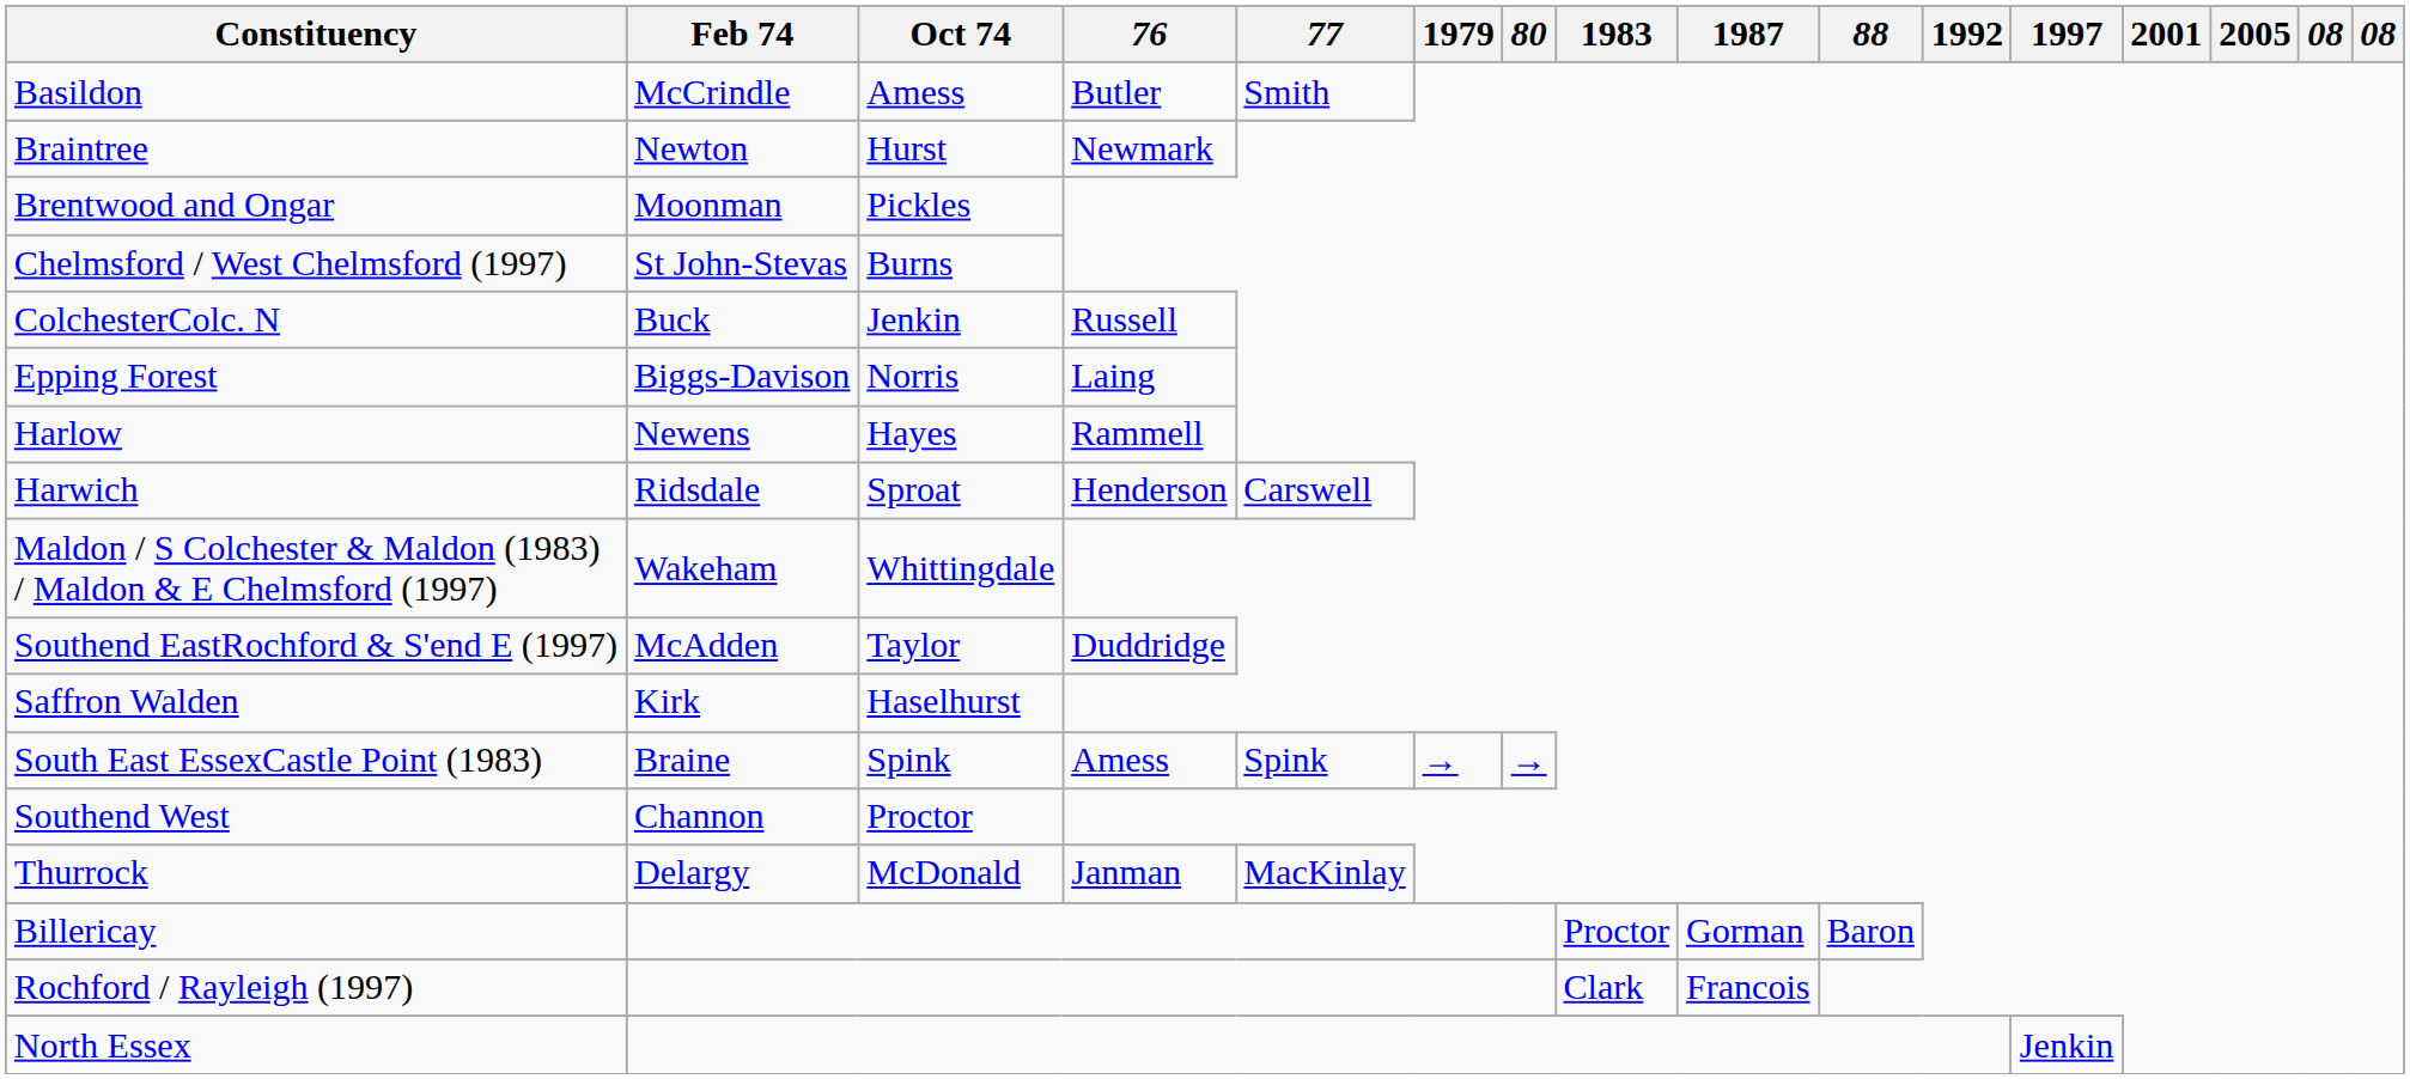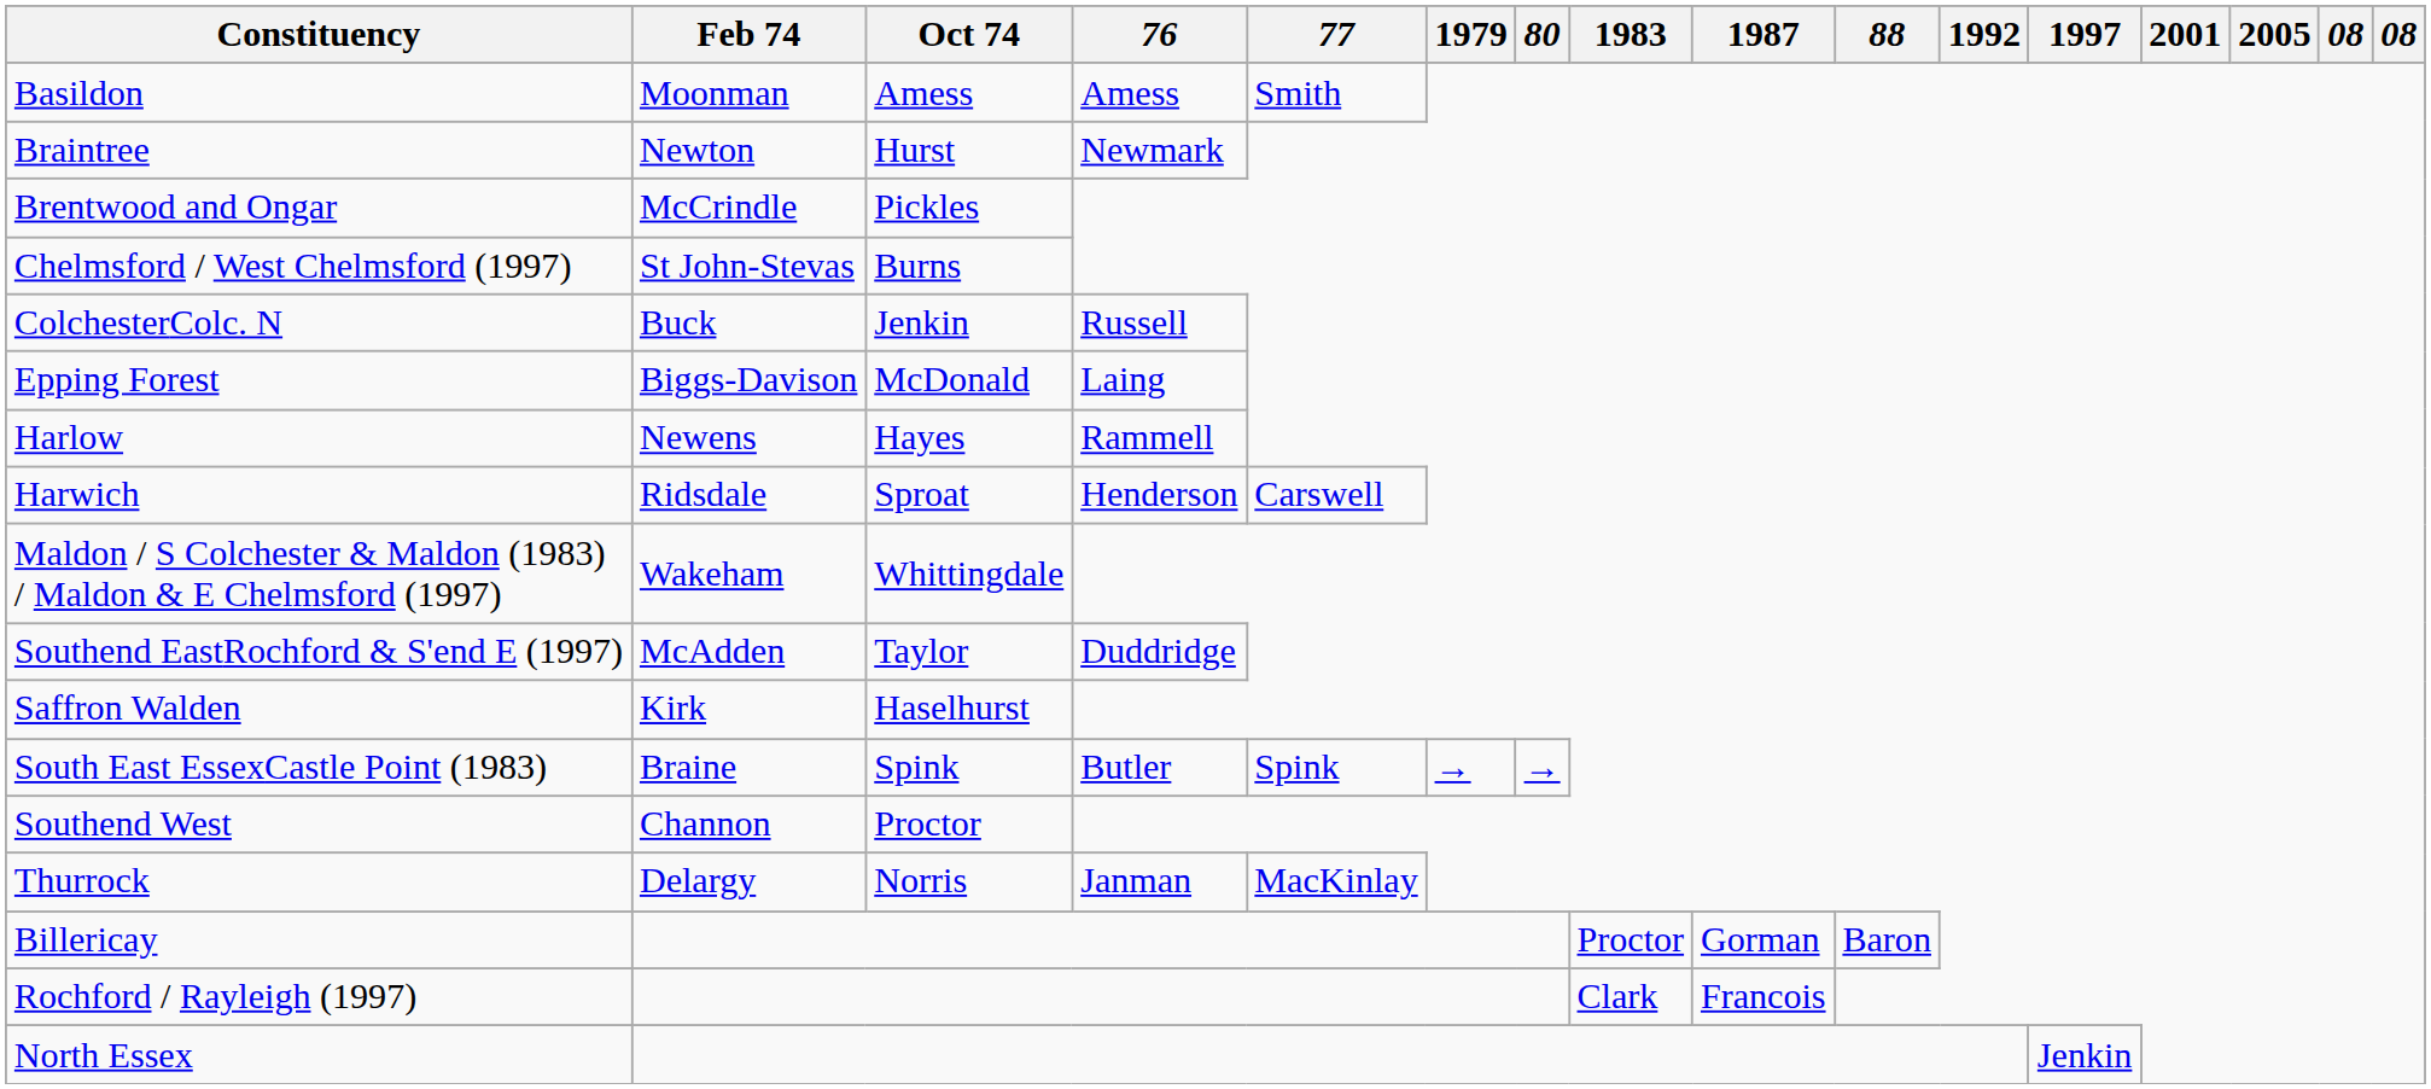 <table class="wikitable">
 <tr>
 <th>Constituency</th>
 <th>Feb 74</th>
 <th>Oct 74</th>
 <th><em>76</em></th>
 <th><em>77</em></th>
 <th>1979</th>
 <th><em>80</em></th>
 <th>1983</th>
 <th>1987</th>
 <th><em>88</em></th>
 <th>1992</th>
 <th>1997</th>
 <th>2001</th>
 <th>2005</th>
 <th><em>08</em></th>
 <th><em>08</em></th>
 </tr>
 <tr>
 <td><a href='#'>Basildon</a></td>
-<td><a href='#'>McCrindle</a></td>
+<td><a href='#'>Moonman</a></td>
 <td><a href='#'>Amess</a></td>
-<td><a href='#'>Butler</a></td>
+<td><a href='#'>Amess</a></td>
 <td><a href='#'>Smith</a></td>
 </tr>
 <tr>
 <td><a href='#'>Braintree</a></td>
 <td><a href='#'>Newton</a></td>
 <td><a href='#'>Hurst</a></td>
 <td><a href='#'>Newmark</a></td>
 </tr>
 <tr>
 <td><a href='#'>Brentwood and Ongar</a></td>
-<td><a href='#'>Moonman</a></td>
+<td><a href='#'>McCrindle</a></td>
 <td><a href='#'>Pickles</a></td>
 </tr>
 <tr>
 <td><a href='#'>Chelmsford</a> / <a href='#'>West Chelmsford</a> (1997)</td>
 <td><a href='#'>St John-Stevas</a></td>
 <td><a href='#'>Burns</a></td>
 </tr>
 <tr>
 <td><a href='#'>Colchester</a><a href='#'>Colc. N</a></td>
 <td><a href='#'>Buck</a></td>
 <td><a href='#'>Jenkin</a></td>
 <td><a href='#'>Russell</a></td>
 </tr>
 <tr>
 <td><a href='#'>Epping Forest</a></td>
 <td><a href='#'>Biggs-Davison</a></td>
-<td><a href='#'>Norris</a></td>
+<td><a href='#'>McDonald</a></td>
 <td><a href='#'>Laing</a></td>
 </tr>
 <tr>
 <td><a href='#'>Harlow</a></td>
 <td><a href='#'>Newens</a></td>
 <td><a href='#'>Hayes</a></td>
 <td><a href='#'>Rammell</a></td>
 </tr>
 <tr>
 <td><a href='#'>Harwich</a></td>
 <td><a href='#'>Ridsdale</a></td>
 <td><a href='#'>Sproat</a></td>
 <td><a href='#'>Henderson</a></td>
 <td><a href='#'>Carswell</a></td>
 </tr>
 <tr>
 <td><a href='#'>Maldon</a> / <a href='#'>S Colchester & Maldon</a> (1983)<br>/ <a href='#'>Maldon & E Chelmsford</a> (1997)</td>
 <td><a href='#'>Wakeham</a></td>
 <td><a href='#'>Whittingdale</a></td>
 </tr>
 <tr>
 <td><a href='#'>Southend East</a><a href='#'>Rochford & S'end E</a> (1997)</td>
 <td><a href='#'>McAdden</a></td>
 <td><a href='#'>Taylor</a></td>
 <td><a href='#'>Duddridge</a></td>
 </tr>
 <tr>
 <td><a href='#'>Saffron Walden</a></td>
 <td><a href='#'>Kirk</a></td>
 <td><a href='#'>Haselhurst</a></td>
 </tr>
 <tr>
 <td><a href='#'>South East Essex</a><a href='#'>Castle Point</a> (1983)</td>
 <td><a href='#'>Braine</a></td>
 <td><a href='#'>Spink</a></td>
-<td><a href='#'>Amess</a></td>
+<td><a href='#'>Butler</a></td>
 <td><a href='#'>Spink</a></td>
 <td><a href='#'>→</a></td>
 <td><a href='#'>→</a></td>
 </tr>
 <tr>
 <td><a href='#'>Southend West</a></td>
 <td><a href='#'>Channon</a></td>
 <td><a href='#'>Proctor</a></td>
 </tr>
 <tr>
 <td><a href='#'>Thurrock</a></td>
 <td><a href='#'>Delargy</a></td>
-<td><a href='#'>McDonald</a></td>
+<td><a href='#'>Norris</a></td>
 <td><a href='#'>Janman</a></td>
 <td><a href='#'>MacKinlay</a></td>
 </tr>
 <tr>
 <td><a href='#'>Billericay</a></td>
 <td colspan="6"></td>
 <td><a href='#'>Proctor</a></td>
 <td><a href='#'>Gorman</a></td>
 <td><a href='#'>Baron</a></td>
 </tr>
 <tr>
 <td><a href='#'>Rochford</a> / <a href='#'>Rayleigh</a> (1997)</td>
 <td colspan="6"></td>
 <td><a href='#'>Clark</a></td>
 <td><a href='#'>Francois</a></td>
 </tr>
 <tr>
 <td><a href='#'>North Essex</a></td>
 <td colspan="10"></td>
 <td><a href='#'>Jenkin</a></td>
 </tr>
 </table>
